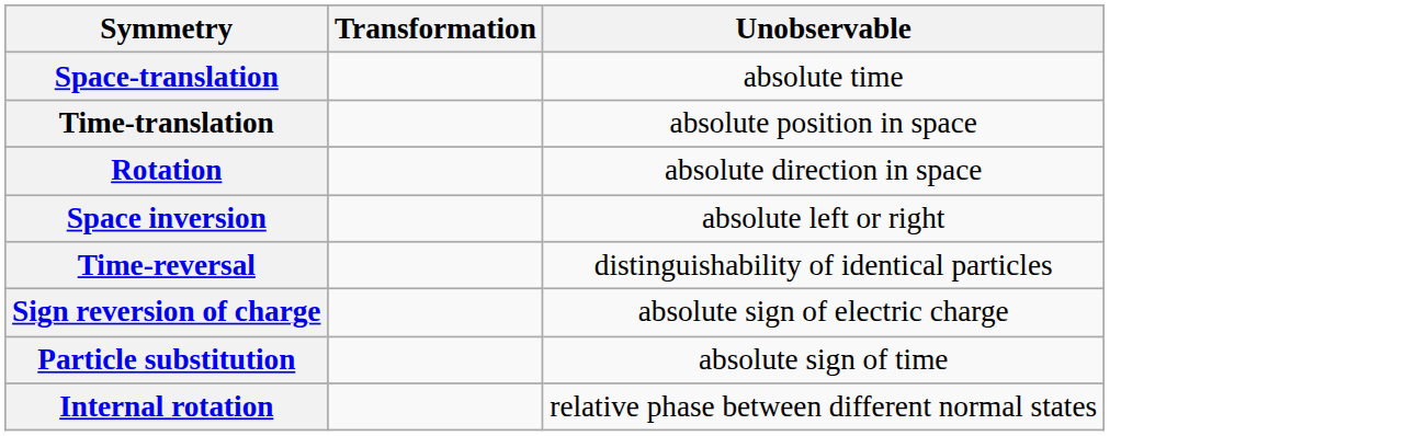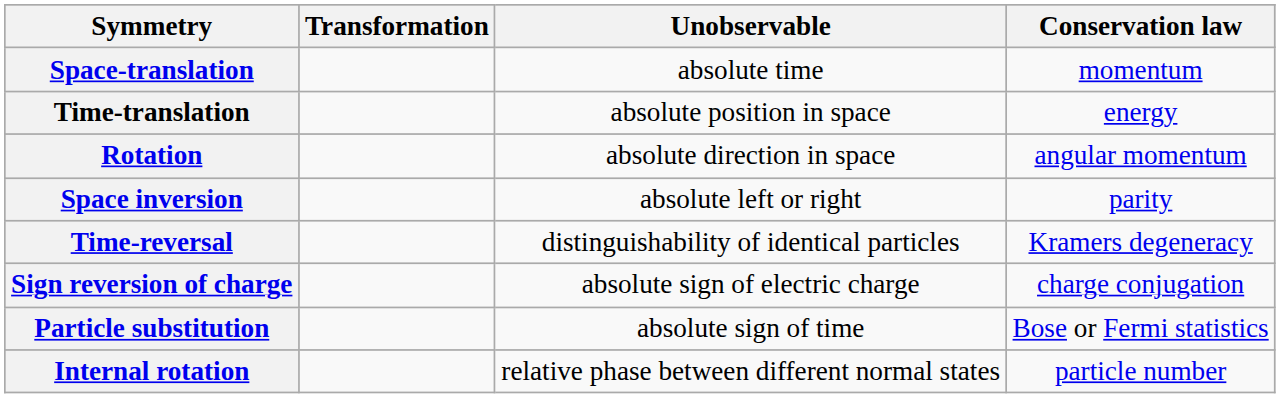 <table class="wikitable" style="text-align: center;">
 <tr>
 <th>Symmetry</th>
 <th>Transformation</th>
 <th>Unobservable</th>
+<th>Conservation law</th>
 </tr>
 <tr>
 <th><a href='#'>Space-translation</a></th>
 <td></td>
 <td>absolute time</td>
+<td><a href='#'>momentum</a></td>
 </tr>
 <tr>
 <th>Time-translation</th>
 <td></td>
 <td>absolute position in space</td>
+<td><a href='#'>energy</a></td>
 </tr>
 <tr>
 <th><a href='#'>Rotation</a></th>
 <td></td>
 <td>absolute direction in space</td>
+<td><a href='#'>angular momentum</a></td>
 </tr>
 <tr>
 <th><a href='#'>Space inversion</a></th>
 <td></td>
 <td>absolute left or right</td>
+<td><a href='#'>parity</a></td>
 </tr>
 <tr>
 <th><a href='#'>Time-reversal</a></th>
 <td></td>
 <td>distinguishability of identical particles</td>
+<td><a href='#'>Kramers degeneracy</a></td>
 </tr>
 <tr>
 <th><a href='#'>Sign reversion of charge</a></th>
 <td></td>
 <td>absolute sign of electric charge</td>
+<td><a href='#'>charge conjugation</a></td>
 </tr>
 <tr>
 <th><a href='#'>Particle substitution</a></th>
 <td></td>
 <td>absolute sign of time</td>
+<td><a href='#'>Bose</a> or <a href='#'>Fermi statistics</a></td>
 </tr>
 <tr>
 <th><a href='#'>Internal rotation</a></th>
 <td></td>
 <td>relative phase between different normal states</td>
+<td><a href='#'>particle number</a></td>
 </tr>
 </table>
